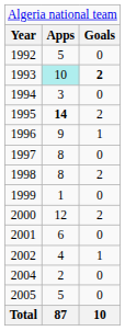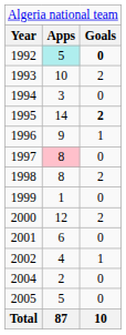 <table class="wikitable" style="text-align:center">
 <tr>
 <td colspan="3"><a href='#'>Algeria national team</a></td>
 </tr>
 <tr>
 <th>Year</th>
 <th>Apps</th>
 <th>Goals</th>
 </tr>
 <tr>
 <td>1992</td>
-<td>5</td>
-<td>0</td>
+<td style="background: paleturquoise;">5</td>
+<td><strong>0</strong></td>
 </tr>
 <tr>
 <td>1993</td>
-<td style="background: paleturquoise;">10</td>
-<td><strong>2</strong></td>
+<td>10</td>
+<td>2</td>
 </tr>
 <tr>
 <td>1994</td>
 <td>3</td>
 <td>0</td>
 </tr>
 <tr>
 <td>1995</td>
-<td><strong>14</strong></td>
-<td>2</td>
+<td>14</td>
+<td><strong>2</strong></td>
 </tr>
 <tr>
 <td>1996</td>
 <td>9</td>
 <td>1</td>
 </tr>
 <tr>
 <td>1997</td>
-<td>8</td>
+<td style="background: pink;">8</td>
 <td>0</td>
 </tr>
 <tr>
 <td>1998</td>
 <td>8</td>
 <td>2</td>
 </tr>
 <tr>
 <td>1999</td>
 <td>1</td>
 <td>0</td>
 </tr>
 <tr>
 <td>2000</td>
 <td>12</td>
 <td>2</td>
 </tr>
 <tr>
 <td>2001</td>
 <td>6</td>
 <td>0</td>
 </tr>
 <tr>
 <td>2002</td>
 <td>4</td>
 <td>1</td>
 </tr>
 <tr>
 <td>2004</td>
 <td>2</td>
 <td>0</td>
 </tr>
 <tr>
 <td>2005</td>
 <td>5</td>
 <td>0</td>
 </tr>
 <tr>
 <th>Total</th>
 <th>87</th>
 <th>10</th>
 </tr>
 </table>
